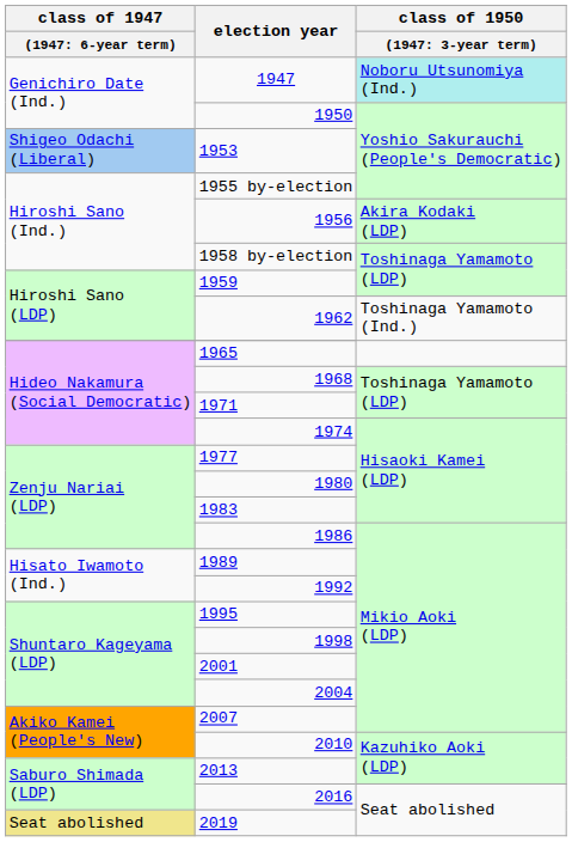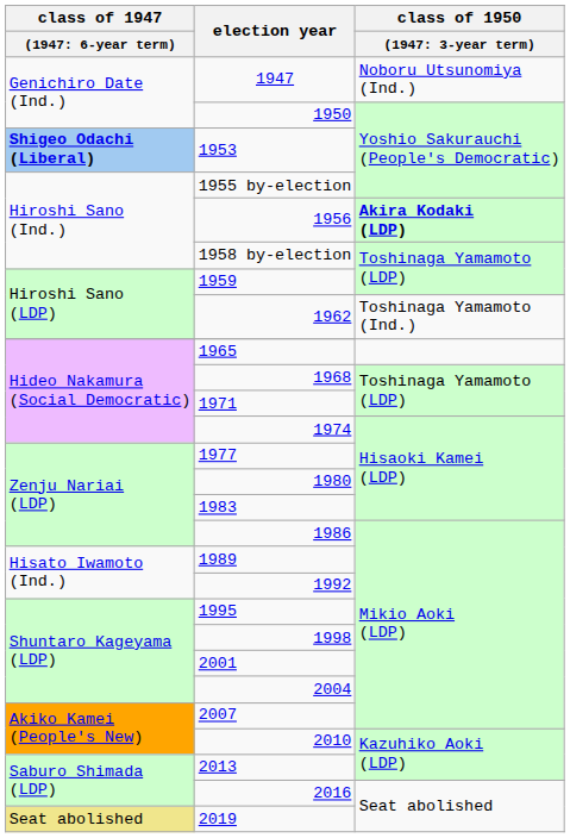 <table class="wikitable" border="1">
 <tr>
 <th>class of 1947</th>
 <th rowspan="2">election year</th>
 <th>class of 1950</th>
 </tr>
 <tr>
 <th><small>(1947: 6-year term)</small></th>
 <th><small>(1947: 3-year term)</small></th>
 </tr>
 <tr>
 <td rowspan="2"><a href='#'>Genichiro Date</a><br>(Ind.)</td>
 <td align="center"><a href='#'>1947</a></td>
-<td style="background: paleturquoise;"><a href='#'>Noboru Utsunomiya</a><br>(Ind.)</td>
+<td><a href='#'>Noboru Utsunomiya</a><br>(Ind.)</td>
 </tr>
 <tr>
 <td align="right"><a href='#'>1950</a></td>
 <td rowspan="3" bgcolor="#CCFFCC"><a href='#'>Yoshio Sakurauchi</a><br>(<a href='#'>People's Democratic</a>)</td>
 </tr>
 <tr>
-<td bgcolor="#A1CAF1"><a href='#'>Shigeo Odachi</a><br>(<a href='#'>Liberal</a>)</td>
+<td bgcolor="#A1CAF1"><strong><a href='#'>Shigeo Odachi</a><br>(<a href='#'>Liberal</a>)</strong></td>
 <td align="left"><a href='#'>1953</a></td>
 </tr>
 <tr>
 <td rowspan="3"><a href='#'>Hiroshi Sano</a><br>(Ind.)</td>
 <td align="left">1955 by-election</td>
 </tr>
 <tr>
 <td align="right"><a href='#'>1956</a></td>
-<td bgcolor="#CCFFCC"><a href='#'>Akira Kodaki</a><br>(<a href='#'>LDP</a>)</td>
+<td bgcolor="#CCFFCC"><strong><a href='#'>Akira Kodaki</a><br>(<a href='#'>LDP</a>)</strong></td>
 </tr>
 <tr>
 <td align="right">1958 by-election</td>
 <td rowspan="2" bgcolor="#CCFFCC"><a href='#'>Toshinaga Yamamoto</a><br>(<a href='#'>LDP</a>)</td>
 </tr>
 <tr>
 <td rowspan="2" bgcolor="#CCFFCC">Hiroshi Sano<br>(<a href='#'>LDP</a>)</td>
 <td align="left"><a href='#'>1959</a></td>
 </tr>
 <tr>
 <td align="right"><a href='#'>1962</a></td>
 <td rowspan="2">Toshinaga Yamamoto<br>(Ind.)</td>
 </tr>
 <tr>
 </tr>
 <tr>
 <td rowspan="4" bgcolor="#EEBBFF"><a href='#'>Hideo Nakamura</a><br>(<a href='#'>Social Democratic</a>)</td>
 <td align="left"><a href='#'>1965</a></td>
 </tr>
 <tr>
 <td align="right"><a href='#'>1968</a></td>
 <td rowspan="2" bgcolor="#CCFFCC">Toshinaga Yamamoto<br>(<a href='#'>LDP</a>)</td>
 </tr>
 <tr>
 <td align="left"><a href='#'>1971</a></td>
 </tr>
 <tr>
 <td align="right"><a href='#'>1974</a></td>
 <td rowspan="4" bgcolor="#CCFFCC"><a href='#'>Hisaoki Kamei</a><br>(<a href='#'>LDP</a>)</td>
 </tr>
 <tr>
 <td rowspan="4" bgcolor="#CCFFCC"><a href='#'>Zenju Nariai</a><br>(<a href='#'>LDP</a>)</td>
 <td align="left"><a href='#'>1977</a></td>
 </tr>
 <tr>
 <td align="right"><a href='#'>1980</a></td>
 </tr>
 <tr>
 <td align="left"><a href='#'>1983</a></td>
 </tr>
 <tr>
 <td align="right"><a href='#'>1986</a></td>
 <td rowspan="8" bgcolor="#CCFFCC"><a href='#'>Mikio Aoki</a><br>(<a href='#'>LDP</a>)</td>
 </tr>
 <tr>
 <td rowspan="2"><a href='#'>Hisato Iwamoto</a><br>(Ind.)</td>
 <td align="left"><a href='#'>1989</a></td>
 </tr>
 <tr>
 <td align="right"><a href='#'>1992</a></td>
 </tr>
 <tr>
 <td rowspan="4" bgcolor="#CCFFCC"><a href='#'>Shuntaro Kageyama</a><br>(<a href='#'>LDP</a>)</td>
 <td align="left"><a href='#'>1995</a></td>
 </tr>
 <tr>
 <td align="right"><a href='#'>1998</a></td>
 </tr>
 <tr>
 <td align="left"><a href='#'>2001</a></td>
 </tr>
 <tr>
 <td align="right"><a href='#'>2004</a></td>
 </tr>
 <tr>
 <td rowspan="2" bgcolor="#FFA500"><a href='#'>Akiko Kamei</a><br>(<a href='#'>People's New</a>)</td>
 <td align="left"><a href='#'>2007</a></td>
 </tr>
 <tr>
 <td align="right"><a href='#'>2010</a></td>
 <td rowspan="2" bgcolor="#CCFFCC"><a href='#'>Kazuhiko Aoki</a><br>(<a href='#'>LDP</a>)</td>
 </tr>
 <tr>
 <td rowspan="2" bgcolor="#CCFFCC"><a href='#'>Saburo Shimada</a><br>(<a href='#'>LDP</a>)</td>
 <td align="left"><a href='#'>2013</a></td>
 </tr>
 <tr>
 <td align="right"><a href='#'>2016</a></td>
 <td rowspan="2">Seat abolished</td>
 </tr>
 <tr>
 <td style="background: khaki;">Seat abolished</td>
 <td align="left"><a href='#'>2019</a></td>
 </tr>
 </table>
